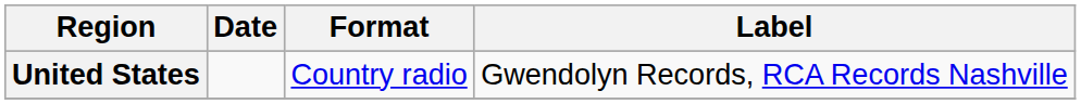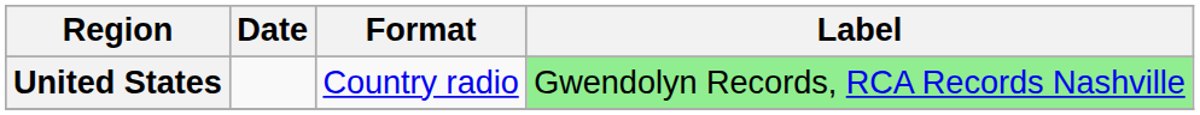 <table class="wikitable plainrowheaders">
 <tr>
 <th scope="col">Region</th>
 <th>Date</th>
 <th>Format</th>
 <th>Label</th>
 </tr>
 <tr>
 <th scope="row">United States</th>
 <td></td>
 <td><a href='#'>Country radio</a></td>
-<td>Gwendolyn Records, <a href='#'>RCA Records Nashville</a></td>
+<td style="background: lightgreen;">Gwendolyn Records, <a href='#'>RCA Records Nashville</a></td>
 </tr>
 <tr>
 </tr>
 </table>
